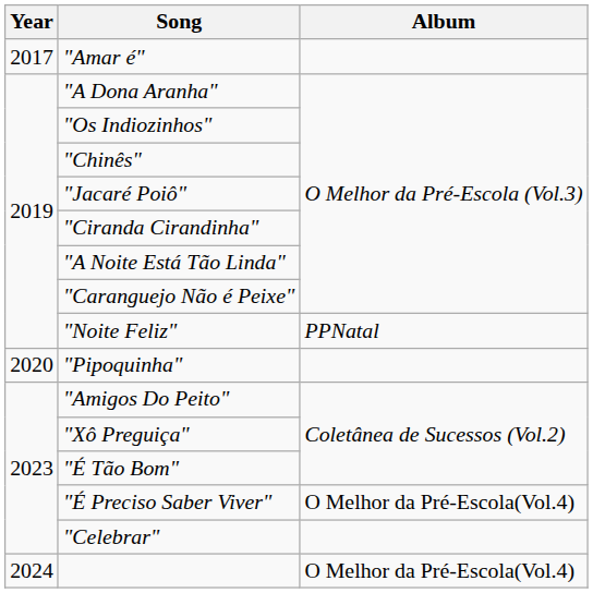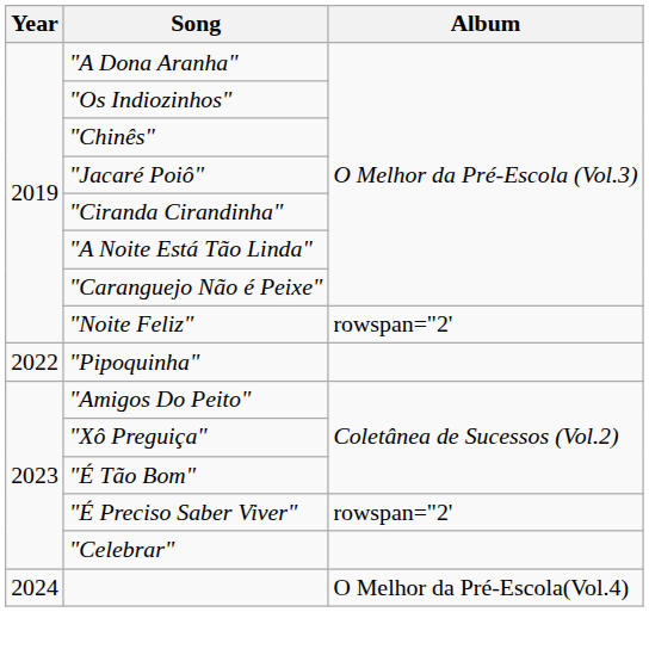 <table class="wikitable">
 <tr>
 <th>Year</th>
 <th>Song</th>
 <th>Album</th>
-</tr>
-<tr>
-<td>2017</td>
-<td><em>"Amar é"</em> </td>
-<td></td>
 </tr>
 <tr>
 <td rowspan="8">2019</td>
 <td><em>"A Dona Aranha"</em></td>
 <td rowspan="7"><em>O Melhor da Pré-Escola (Vol.3)</em></td>
 </tr>
 <tr>
 <td><em>"Os Indiozinhos"</em></td>
 </tr>
 <tr>
 <td><em>"Chinês"</em></td>
 </tr>
 <tr>
 <td><em>"Jacaré Poiô"</em></td>
 </tr>
 <tr>
 <td><em>"Ciranda Cirandinha"</em></td>
 </tr>
 <tr>
 <td><em>"A Noite Está Tão Linda"</em></td>
 </tr>
 <tr>
 <td><em>"Caranguejo Não é Peixe"</em></td>
 </tr>
 <tr>
 <td><em>"Noite Feliz"</em> </td>
-<td><em>PPNatal</em></td>
+<td>rowspan="2' </td>
 </tr>
 <tr>
-<td>2020</td>
+<td>2022</td>
 <td><em>"Pipoquinha"</em></td>
 <td></td>
 </tr>
 <tr>
 <td rowspan="5">2023</td>
 <td><em>"Amigos Do Peito"</em></td>
 <td rowspan="3"><em>Coletânea de Sucessos (Vol.2)</em></td>
 </tr>
 <tr>
 <td><em>"Xô Preguiça"</em></td>
 </tr>
 <tr>
 <td><em>"É Tão Bom"</em></td>
 </tr>
 <tr>
 <td><em>"É Preciso Saber Viver"</em></td>
-<td>O Melhor da Pré-Escola(Vol.4)</td>
+<td>rowspan="2' </td>
 </tr>
 <tr>
 <td><em>"Celebrar"</em></td>
 </tr>
 <tr>
 <td>2024</td>
 <td></td>
 <td>O Melhor da Pré-Escola(Vol.4)</td>
 </tr>
 </table>
